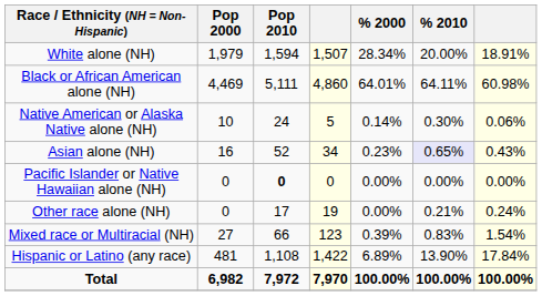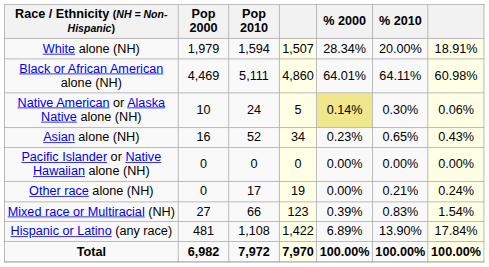 <table class="wikitable" style="text-align:center;">
 <tr>
 <th>Race / Ethnicity <small>(<em>NH = Non-Hispanic</em>)</small></th>
 <th>Pop 2000</th>
 <th>Pop 2010</th>
 <th></th>
 <th>% 2000</th>
 <th>% 2010</th>
 <th></th>
 </tr>
 <tr>
 <td><a href='#'>White</a> alone (NH)</td>
 <td>1,979</td>
 <td>1,594</td>
 <td style='background: #ffffe6;'>1,507</td>
 <td>28.34%</td>
 <td>20.00%</td>
 <td style='background: #ffffe6;'>18.91%</td>
 </tr>
 <tr>
 <td><a href='#'>Black or African American</a> alone (NH)</td>
 <td>4,469</td>
 <td>5,111</td>
 <td style='background: #ffffe6;'>4,860</td>
 <td>64.01%</td>
 <td>64.11%</td>
 <td style='background: #ffffe6;'>60.98%</td>
 </tr>
 <tr>
 <td><a href='#'>Native American</a> or <a href='#'>Alaska Native</a> alone (NH)</td>
 <td>10</td>
 <td>24</td>
 <td style='background: #ffffe6;'>5</td>
-<td>0.14%</td>
+<td style="background: khaki;">0.14%</td>
 <td>0.30%</td>
 <td style='background: #ffffe6;'>0.06%</td>
 </tr>
 <tr>
 <td><a href='#'>Asian</a> alone (NH)</td>
 <td>16</td>
 <td>52</td>
 <td style='background: #ffffe6;'>34</td>
 <td>0.23%</td>
-<td style="background: lavender;">0.65%</td>
+<td>0.65%</td>
 <td style='background: #ffffe6;'>0.43%</td>
 </tr>
 <tr>
 <td><a href='#'>Pacific Islander</a> or <a href='#'>Native Hawaiian</a> alone (NH)</td>
 <td>0</td>
-<td><strong>0</strong></td>
+<td>0</td>
 <td style='background: #ffffe6;'>0</td>
 <td>0.00%</td>
 <td>0.00%</td>
 <td style='background: #ffffe6;'>0.00%</td>
 </tr>
 <tr>
 <td><a href='#'>Other race</a> alone (NH)</td>
 <td>0</td>
 <td>17</td>
 <td style='background: #ffffe6;'>19</td>
 <td>0.00%</td>
 <td>0.21%</td>
 <td style='background: #ffffe6;'>0.24%</td>
 </tr>
 <tr>
 <td><a href='#'>Mixed race or Multiracial</a> (NH)</td>
 <td>27</td>
 <td>66</td>
 <td style='background: #ffffe6;'>123</td>
 <td>0.39%</td>
 <td>0.83%</td>
 <td style='background: #ffffe6;'>1.54%</td>
 </tr>
 <tr>
 <td><a href='#'>Hispanic or Latino</a> (any race)</td>
 <td>481</td>
 <td>1,108</td>
 <td style='background: #ffffe6;'>1,422</td>
 <td>6.89%</td>
 <td>13.90%</td>
 <td style='background: #ffffe6;'>17.84%</td>
 </tr>
 <tr>
 <td><strong>Total</strong></td>
 <td><strong>6,982</strong></td>
 <td><strong>7,972</strong></td>
 <td style='background: #ffffe6;'><strong>7,970</strong></td>
 <td><strong>100.00%</strong></td>
 <td><strong>100.00%</strong></td>
 <td style='background: #ffffe6;'><strong>100.00%</strong></td>
 </tr>
 <tr>
 </tr>
 </table>
